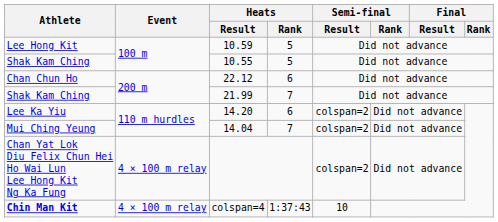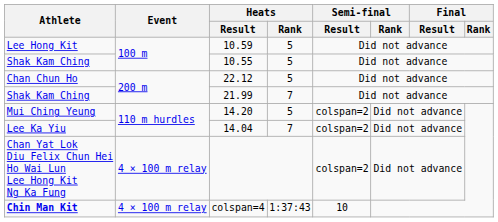 <table class=wikitable style="text-align: center; font-size:90%">
 <tr>
 <th rowspan=2>Athlete</th>
 <th rowspan=2>Event</th>
 <th colspan="2">Heats</th>
 <th colspan="2">Semi-final</th>
 <th colspan="2">Final</th>
 </tr>
 <tr>
 <th>Result</th>
 <th>Rank</th>
 <th>Result</th>
 <th>Rank</th>
 <th>Result</th>
 <th>Rank</th>
 </tr>
 <tr>
 <td align=left><a href='#'>Lee Hong Kit</a></td>
 <td align=left rowspan=2><a href='#'>100 m</a></td>
 <td>10.59</td>
 <td>5</td>
 <td colspan=4>Did not advance</td>
 </tr>
 <tr>
 <td align=left><a href='#'>Shak Kam Ching</a></td>
 <td>10.55</td>
 <td>5</td>
 <td colspan=4>Did not advance</td>
 </tr>
 <tr>
 <td align=left><a href='#'>Chan Chun Ho</a></td>
 <td align=left rowspan=2><a href='#'>200 m</a></td>
 <td>22.12</td>
-<td>6</td>
+<td>5</td>
 <td colspan=4>Did not advance</td>
 </tr>
 <tr>
 <td align=left><a href='#'>Shak Kam Ching</a></td>
 <td>21.99</td>
 <td>7</td>
 <td colspan=4>Did not advance</td>
 </tr>
 <tr>
-<td align=left><a href='#'>Lee Ka Yiu</a></td>
+<td align=left><a href='#'>Mui Ching Yeung</a></td>
 <td align=left rowspan=2><a href='#'>110 m hurdles</a></td>
 <td>14.20</td>
-<td>6</td>
+<td>5</td>
 <td>colspan=2 </td>
 <td colspan=2>Did not advance</td>
 </tr>
 <tr>
-<td align=left><a href='#'>Mui Ching Yeung</a></td>
+<td align=left><a href='#'>Lee Ka Yiu</a></td>
 <td>14.04</td>
 <td>7</td>
 <td>colspan=2 </td>
 <td colspan=2>Did not advance</td>
 </tr>
 <tr>
 <td align=left><a href='#'>Chan Yat Lok</a><br><a href='#'>Diu Felix Chun Hei</a><br><a href='#'>Ho Wai Lun</a><br><a href='#'>Lee Hong Kit</a><br><a href='#'>Ng Ka Fung</a></td>
 <td align=left><a href='#'>4 × 100 m relay</a></td>
 <td colspan=2></td>
 <td>colspan=2 </td>
 <td colspan=2>Did not advance</td>
 </tr>
 <tr>
 <td align=left><strong><a href='#'>Chin Man Kit</a></strong></td>
 <td align=left><a href='#'>4 × 100 m relay</a></td>
 <td>colspan=4 </td>
 <td>1:37:43</td>
 <td>10</td>
 </tr>
 </table>
